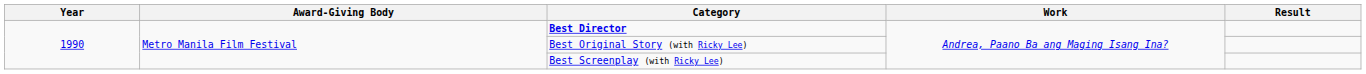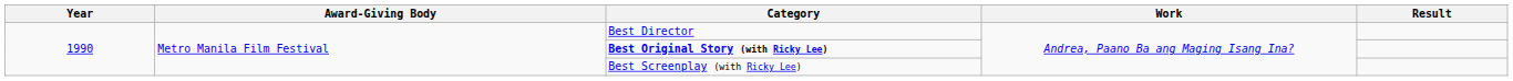 <table | width="90%" class="wikitable sortable">
 <tr>
 <th width="10%">Year</th>
 <th width="30%">Award-Giving Body</th>
 <th width="25%">Category</th>
 <th width="25%">Work</th>
 <th width="10%">Result</th>
 </tr>
 <tr>
 <td rowspan="3" align="center"><a href='#'>1990</a></td>
 <td rowspan="3" align="left"><a href='#'>Metro Manila Film Festival</a></td>
-<td align="left"><strong><a href='#'>Best Director</a></strong></td>
+<td align="left"><a href='#'>Best Director</a></td>
 <td align="center" rowspan=3><em><a href='#'>Andrea, Paano Ba ang Maging Isang Ina?</a></em></td>
 <td></td>
 </tr>
 <tr>
-<td align="left"><a href='#'>Best Original Story</a> <small>(with <a href='#'>Ricky Lee</a>)</small></td>
+<td align="left"><strong><a href='#'>Best Original Story</a> <small>(with <a href='#'>Ricky Lee</a>)</small></strong></td>
 <td></td>
 </tr>
 <tr>
 <td align="left"><a href='#'>Best Screenplay</a> <small>(with <a href='#'>Ricky Lee</a>)</small></td>
 <td></td>
 </tr>
 </table>
